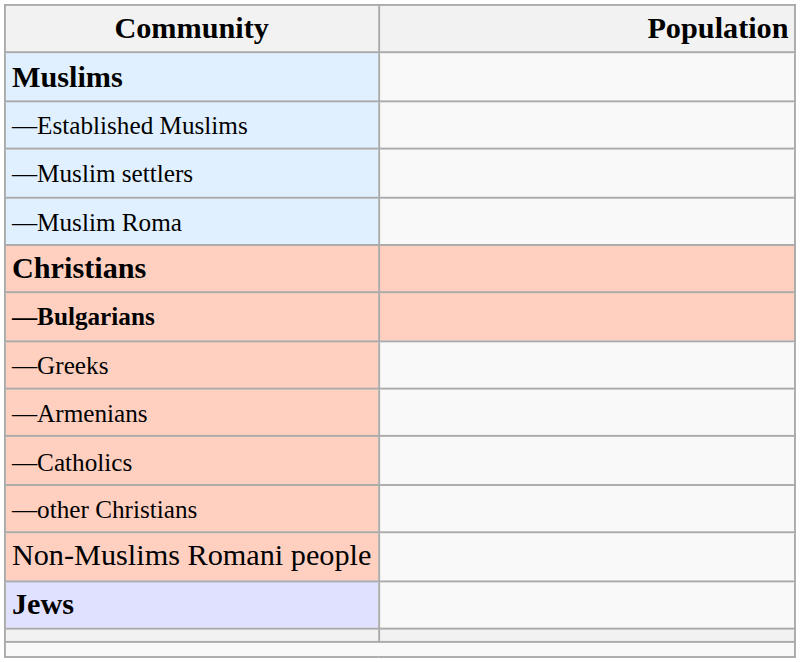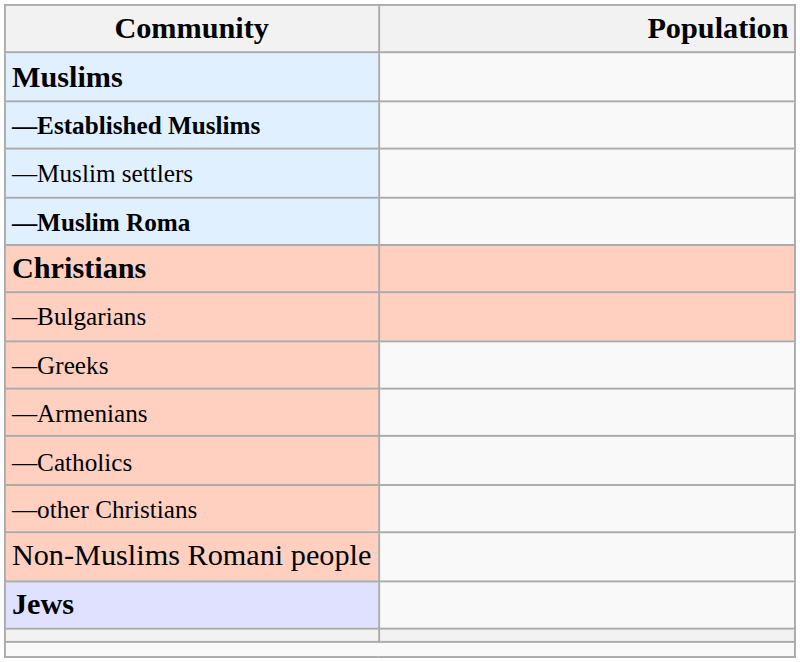 <table class="wikitable sortable">
 <tr>
 <th>Community</th>
 <th style="text-align:right; width:160pt;">Population</th>
 </tr>
 <tr>
 <td style="background:#E0F0FF;"><strong>Muslims</strong></td>
 <td style="text-align:right;"><strong></strong></td>
 </tr>
 <tr>
-<td style="background:#E0F0FF;"><small>—Established Muslims</small></td>
+<td style="background:#E0F0FF;"><strong><small>—Established Muslims</small></strong></td>
 <td style="text-align:right;"><small></small></td>
 </tr>
 <tr>
 <td style="background:#E0F0FF;"><small>—Muslim settlers</small></td>
 <td style="text-align:right;"><small></small></td>
 </tr>
 <tr>
-<td style="background:#E0F0FF;"><small>—Muslim Roma</small></td>
+<td style="background:#E0F0FF;"><strong><small>—Muslim Roma</small></strong></td>
 <td style="text-align:right;"><small></small></td>
 </tr>
 <tr>
 <td style="background:#FFD0C0;"><strong>Christians</strong></td>
 <td style="text-align:right; background:#FFD0C0;"><strong> </strong></td>
 </tr>
 <tr>
-<td style="background:#FFD0C0;"><strong><small>—Bulgarians</small></strong></td>
+<td style="background:#FFD0C0;"><small>—Bulgarians</small></td>
 <td style="text-align:right; background:#FFD0C0;"><small></small></td>
 </tr>
 <tr>
 <td style="background:#FFD0C0;"><small>—Greeks</small></td>
 <td style="text-align:right;"><small></small></td>
 </tr>
 <tr>
 <td style="background:#FFD0C0;"><small>—Armenians</small></td>
 <td style="text-align:right;"><small></small></td>
 </tr>
 <tr>
 <td style="background:#FFD0C0;"><small>—Catholics</small></td>
 <td style="text-align:right;"><small></small></td>
 </tr>
 <tr>
 <td style="background:#FFD0C0;"><small>—other Christians</small></td>
 <td style="text-align:right;"><small></small></td>
 </tr>
 <tr>
 <td style="background:#FFD0C0;">Non-Muslims Romani people</td>
 <td style="text-align:right;"><small></small></td>
 </tr>
 <tr>
 <td style="background:#E0E0FF;"><strong>Jews</strong></td>
 <td style="text-align:right;"><strong></strong></td>
 </tr>
 <tr>
 <th style="text-align:left;"><strong></strong></th>
 <th style="text-align:right;"><strong></strong></th>
 </tr>
 <tr>
 <td colspan="11"></td>
 </tr>
 </table>
